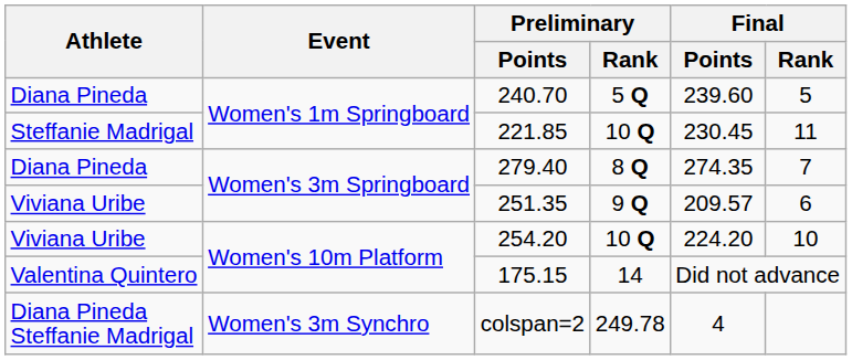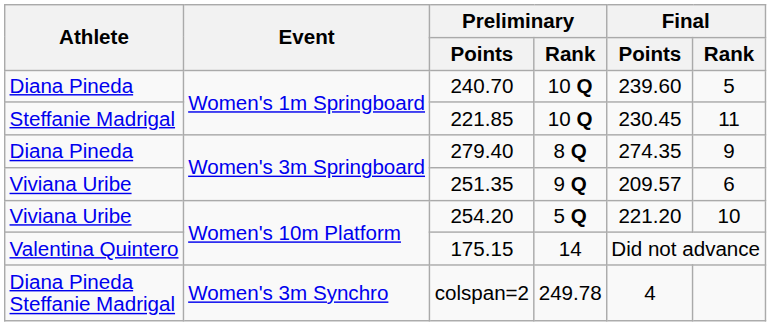 <table class=wikitable style="font-size:90%">
 <tr>
 <th rowspan="2">Athlete</th>
 <th rowspan="2">Event</th>
 <th colspan="2">Preliminary</th>
 <th colspan="2">Final</th>
 </tr>
 <tr>
 <th>Points</th>
 <th>Rank</th>
 <th>Points</th>
 <th>Rank</th>
 </tr>
 <tr align=center>
 <td align=left><a href='#'>Diana Pineda</a></td>
 <td rowspan="2" align=left><a href='#'>Women's 1m Springboard</a></td>
 <td>240.70</td>
-<td>5 <strong>Q</strong></td>
+<td>10 <strong>Q</strong></td>
 <td>239.60</td>
 <td>5</td>
 </tr>
 <tr align=center>
 <td align=left><a href='#'>Steffanie Madrigal</a></td>
 <td>221.85</td>
 <td>10 <strong>Q</strong></td>
 <td>230.45</td>
 <td>11</td>
 </tr>
 <tr align=center>
 <td align=left><a href='#'>Diana Pineda</a></td>
 <td rowspan="2" align=left><a href='#'>Women's 3m Springboard</a></td>
 <td>279.40</td>
 <td>8 <strong>Q</strong></td>
 <td>274.35</td>
-<td>7</td>
+<td>9</td>
 </tr>
 <tr align=center>
 <td align=left><a href='#'>Viviana Uribe</a></td>
 <td>251.35</td>
 <td>9 <strong>Q</strong></td>
 <td>209.57</td>
 <td>6</td>
 </tr>
 <tr align=center>
 <td align=left><a href='#'>Viviana Uribe</a></td>
 <td rowspan="2" align=left><a href='#'>Women's 10m Platform</a></td>
 <td>254.20</td>
-<td>10 <strong>Q</strong></td>
-<td>224.20</td>
+<td>5 <strong>Q</strong></td>
+<td>221.20</td>
 <td>10</td>
 </tr>
 <tr align=center>
 <td align=left><a href='#'>Valentina Quintero</a></td>
 <td>175.15</td>
 <td>14</td>
 <td colspan=2>Did not advance</td>
 </tr>
 <tr align=center>
 <td align=left><a href='#'>Diana Pineda</a><br><a href='#'>Steffanie Madrigal</a></td>
 <td align=left><a href='#'>Women's 3m Synchro</a></td>
 <td>colspan=2 </td>
 <td>249.78</td>
 <td>4</td>
 </tr>
 </table>
